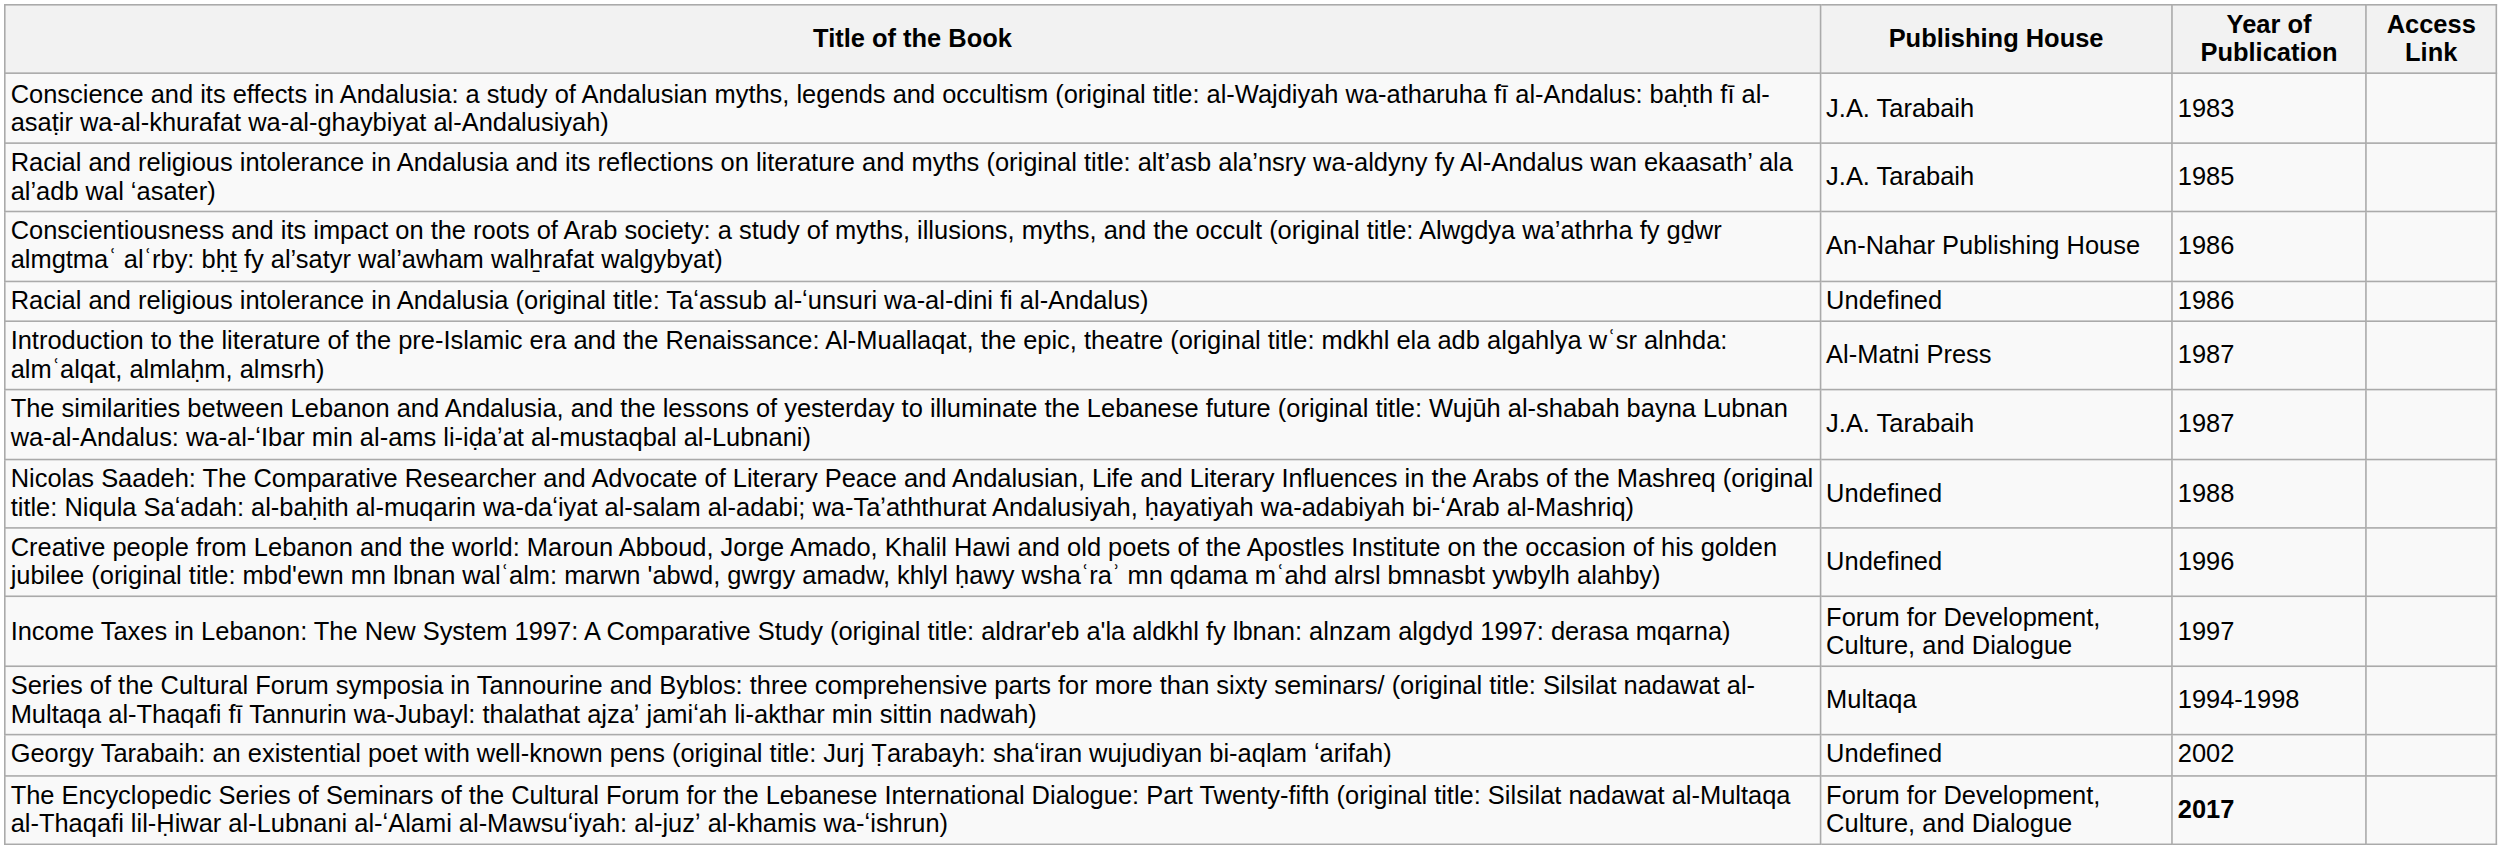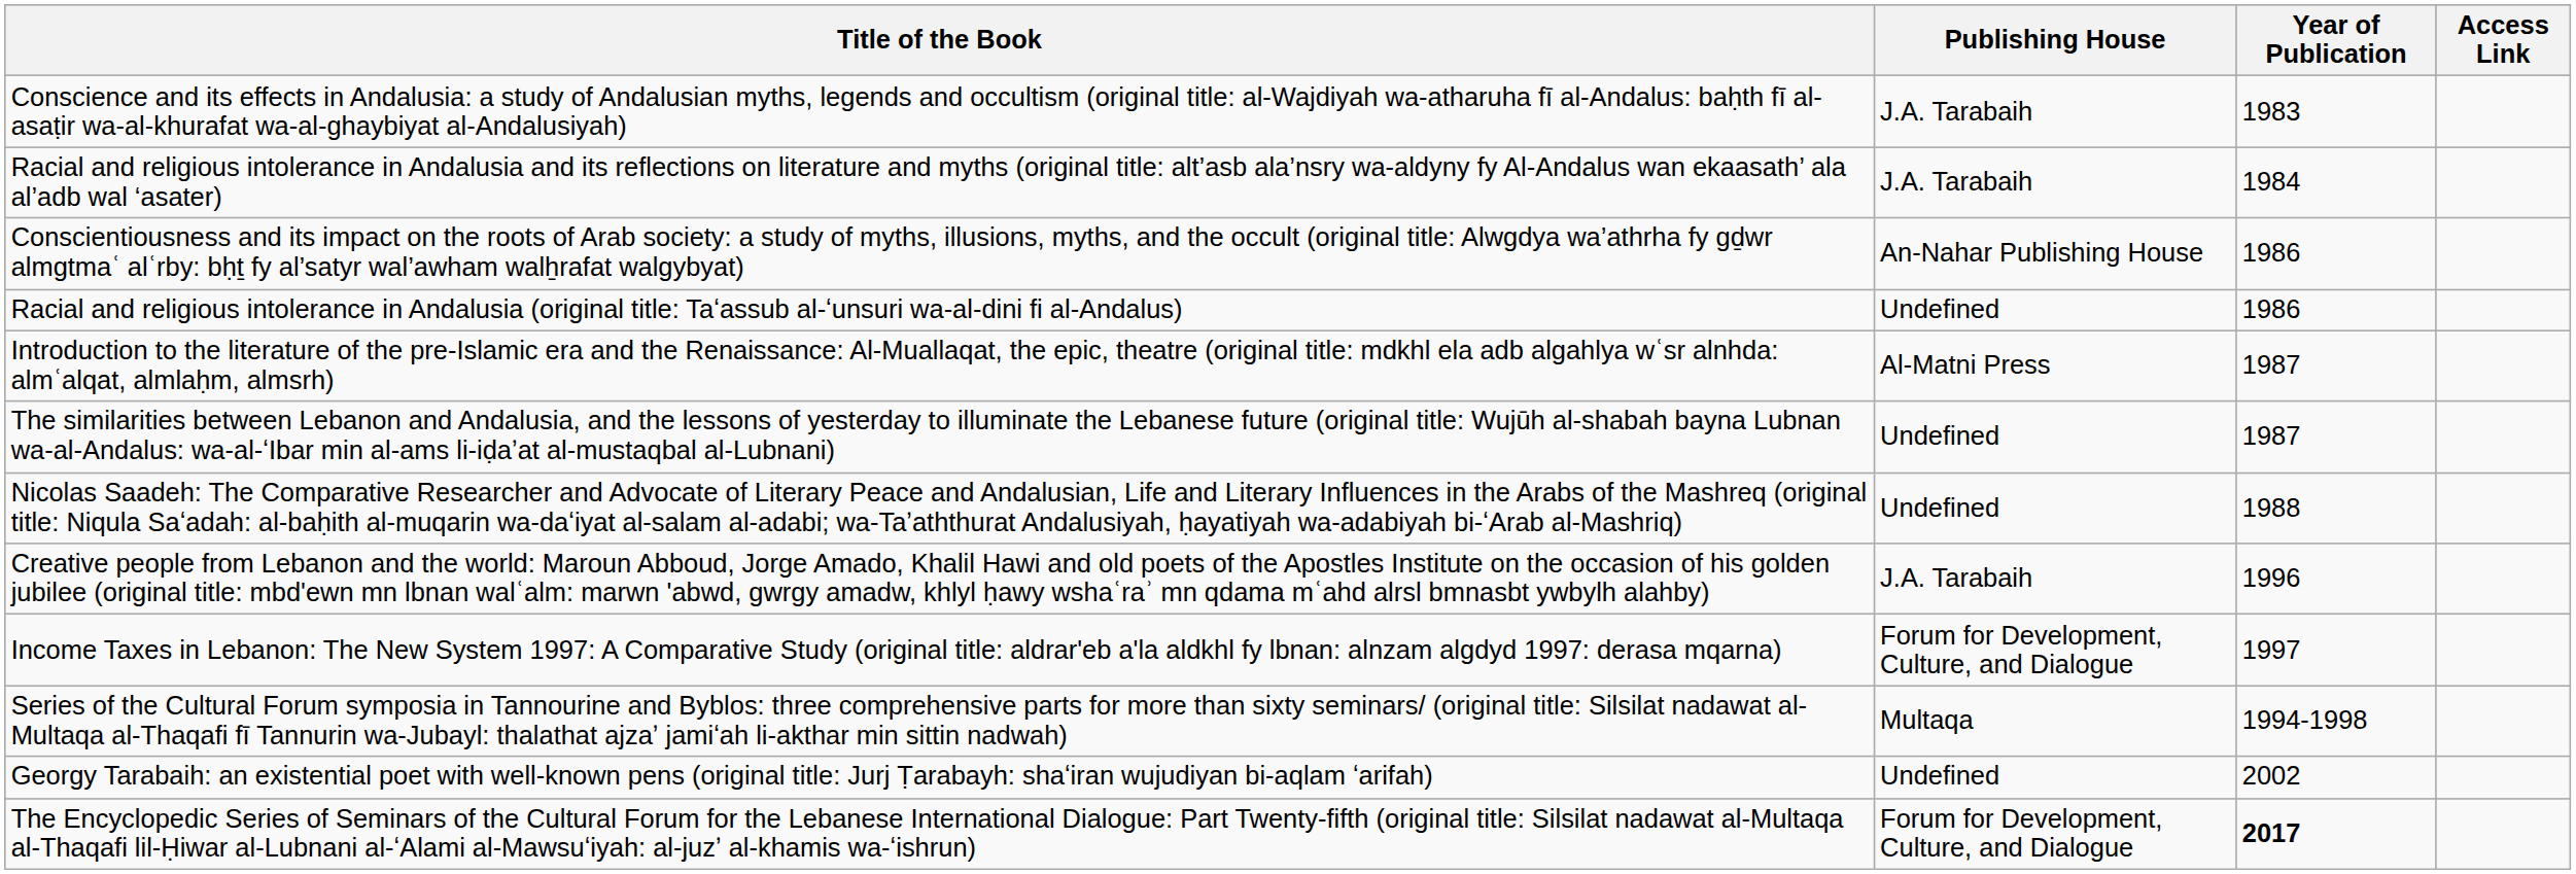 <table class="wikitable">
 <tr>
 <th>Title of the Book</th>
 <th>Publishing House</th>
 <th>Year of Publication</th>
 <th>Access Link</th>
 </tr>
 <tr>
 <td>Conscience and its effects in Andalusia: a study of Andalusian myths, legends and occultism (original title: al-Wajdiyah wa-atharuha fī al-Andalus: baḥth fī al-asaṭir wa-al-khurafat wa-al-ghaybiyat al-Andalusiyah)</td>
 <td>J.A. Tarabaih</td>
 <td>1983</td>
 <td></td>
 </tr>
 <tr>
 <td>Racial and religious intolerance in Andalusia and its reflections on literature and myths (original title: alt’asb ala’nsry wa-aldyny fy Al-Andalus wan ekaasath’ ala al’adb wal ‘asater)</td>
 <td>J.A. Tarabaih</td>
-<td>1985</td>
+<td>1984</td>
 <td></td>
 </tr>
 <tr>
 <td>Conscientiousness and its impact on the roots of Arab society: a study of myths, illusions, myths, and the occult (original title: Alwgdya wa’athrha fy gḏwr almgtmaʿ alʿrby: bḥṯ fy al’satyr wal’awham walẖrafat walgybyat)</td>
 <td>An-Nahar Publishing House</td>
 <td>1986</td>
 <td></td>
 </tr>
 <tr>
 <td>Racial and religious intolerance in Andalusia (original title: Taʻassub al-ʻunsuri wa-al-dini fi al-Andalus)</td>
 <td>Undefined</td>
 <td>1986</td>
 <td></td>
 </tr>
 <tr>
 <td>Introduction to the literature of the pre-Islamic era and the Renaissance: Al-Muallaqat, the epic, theatre (original title: mdkhl ela adb algahlya wʿsr alnhda: almʿalqat, almlaḥm, almsrh)</td>
 <td>Al-Matni Press</td>
 <td>1987</td>
 <td></td>
 </tr>
 <tr>
 <td>The similarities between Lebanon and Andalusia, and the lessons of yesterday to illuminate the Lebanese future (original title: Wujūh al-shabah bayna Lubnan wa-al-Andalus: wa-al-ʻIbar min al-ams li-iḍaʼat al-mustaqbal al-Lubnani)</td>
-<td>J.A. Tarabaih</td>
+<td>Undefined</td>
 <td>1987</td>
 <td></td>
 </tr>
 <tr>
 <td>Nicolas Saadeh: The Comparative Researcher and Advocate of Literary Peace and Andalusian, Life and Literary Influences in the Arabs of the Mashreq (original title: Niqula Saʻadah: al-baḥith al-muqarin wa-daʻiyat al-salam al-adabi; wa-Taʼaththurat Andalusiyah, ḥayatiyah wa-adabiyah bi-ʻArab al-Mashriq)</td>
 <td>Undefined</td>
 <td>1988</td>
 <td></td>
 </tr>
 <tr>
 <td>Creative people from Lebanon and the world: Maroun Abboud, Jorge Amado, Khalil Hawi and old poets of the Apostles Institute on the occasion of his golden jubilee (original title: mbd'ewn mn lbnan walʿalm: marwn 'abwd, gwrgy amadw, khlyl ḥawy wshaʿraʾ mn qdama mʿahd alrsl bmnasbt ywbylh alahby)</td>
-<td>Undefined</td>
+<td>J.A. Tarabaih</td>
 <td>1996</td>
 <td></td>
 </tr>
 <tr>
 <td>Income Taxes in Lebanon: The New System 1997: A Comparative Study (original title: aldrar'eb a'la aldkhl fy lbnan: alnzam algdyd 1997: derasa mqarna)</td>
 <td>Forum for Development, Culture, and Dialogue</td>
 <td>1997</td>
 <td></td>
 </tr>
 <tr>
 <td>Series of the Cultural Forum symposia in Tannourine and Byblos: three comprehensive parts for more than sixty seminars/ (original title: Silsilat nadawat al-Multaqa al-Thaqafi fī Tannurin wa-Jubayl: thalathat ajzaʼ jamiʻah li-akthar min sittin nadwah)</td>
 <td>Multaqa</td>
 <td>1994-1998</td>
 <td></td>
 </tr>
 <tr>
 <td>Georgy Tarabaih: an existential poet with well-known pens (original title: Jurj Ṭarabayh: shaʻiran wujudiyan bi-aqlam ʻarifah)</td>
 <td>Undefined</td>
 <td>2002</td>
 <td></td>
 </tr>
 <tr>
 <td>The Encyclopedic Series of Seminars of the Cultural Forum for the Lebanese International Dialogue: Part Twenty-fifth (original title: Silsilat nadawat al-Multaqa al-Thaqafi lil-Ḥiwar al-Lubnani al-ʻAlami al-Mawsuʻiyah: al-juzʼ al-khamis wa-ʻishrun)</td>
 <td>Forum for Development, Culture, and Dialogue</td>
 <td><strong>2017</strong></td>
 <td></td>
 </tr>
 </table>
